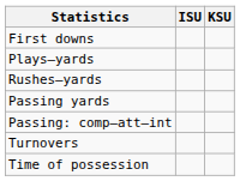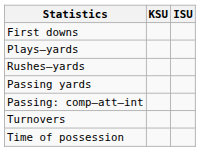 <table class="wikitable" style="float:left">
 <tr>
 <th>Statistics</th>
+<th>KSU</th>
 <th>ISU</th>
-<th>KSU</th>
 </tr>
 <tr>
 <td>First downs</td>
 <td></td>
 <td></td>
 </tr>
 <tr>
 <td>Plays–yards</td>
 <td></td>
 <td></td>
 </tr>
 <tr>
 <td>Rushes–yards</td>
 <td></td>
 <td></td>
 </tr>
 <tr>
 <td>Passing yards</td>
 <td></td>
 <td></td>
 </tr>
 <tr>
 <td>Passing: comp–att–int</td>
 <td></td>
 <td></td>
 </tr>
 <tr>
 <td>Turnovers</td>
 <td></td>
 <td></td>
 </tr>
 <tr>
 <td>Time of possession</td>
 <td></td>
 <td></td>
 </tr>
 </table>
